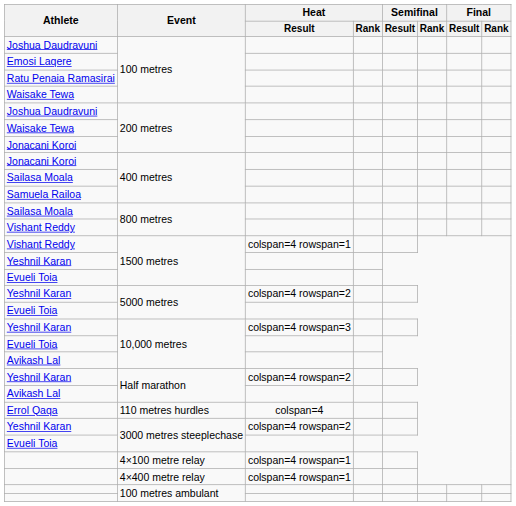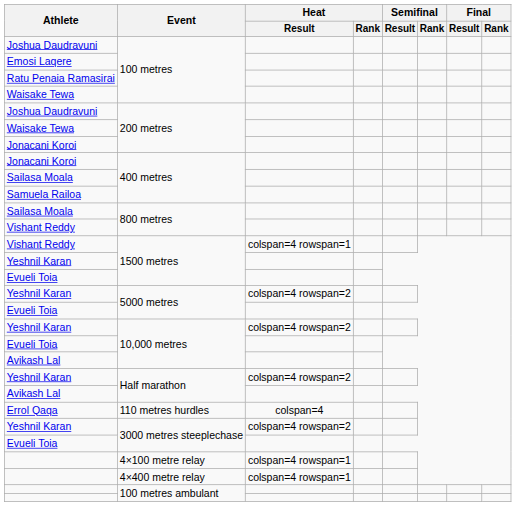 <table class="wikitable" style="font-size:90%">
 <tr>
 <th rowspan="2">Athlete</th>
 <th rowspan="2">Event</th>
 <th colspan="2">Heat</th>
 <th colspan="2">Semifinal</th>
 <th colspan="2">Final</th>
 </tr>
 <tr style="font-size:95%">
 <th>Result</th>
 <th>Rank</th>
 <th>Result</th>
 <th>Rank</th>
 <th>Result</th>
 <th>Rank</th>
 </tr>
 <tr style=text-align:center>
 <td style=text-align:left><a href='#'>Joshua Daudravuni</a></td>
 <td style=text-align:left rowspan=4>100 metres</td>
 <td></td>
 <td></td>
 <td></td>
 <td></td>
 <td></td>
 <td></td>
 </tr>
 <tr style=text-align:center>
 <td style=text-align:left><a href='#'>Emosi Laqere</a></td>
 <td></td>
 <td></td>
 <td></td>
 <td></td>
 <td></td>
 <td></td>
 </tr>
 <tr style=text-align:center>
 <td style=text-align:left><a href='#'>Ratu Penaia Ramasirai</a></td>
 <td></td>
 <td></td>
 <td></td>
 <td></td>
 <td></td>
 <td></td>
 </tr>
 <tr style=text-align:center>
 <td style=text-align:left><a href='#'>Waisake Tewa</a></td>
 <td></td>
 <td></td>
 <td></td>
 <td></td>
 <td></td>
 <td></td>
 </tr>
 <tr style=text-align:center>
 <td style=text-align:left><a href='#'>Joshua Daudravuni</a></td>
 <td style=text-align:left rowspan=3>200 metres</td>
 <td></td>
 <td></td>
 <td></td>
 <td></td>
 <td></td>
 <td></td>
 </tr>
 <tr style=text-align:center>
 <td style=text-align:left><a href='#'>Waisake Tewa</a></td>
 <td></td>
 <td></td>
 <td></td>
 <td></td>
 <td></td>
 <td></td>
 </tr>
 <tr style=text-align:center>
 <td style=text-align:left><a href='#'>Jonacani Koroi</a></td>
 <td></td>
 <td></td>
 <td></td>
 <td></td>
 <td></td>
 <td></td>
 </tr>
 <tr style=text-align:center>
 <td style=text-align:left><a href='#'>Jonacani Koroi</a></td>
 <td style=text-align:left rowspan=3>400 metres</td>
 <td></td>
 <td></td>
 <td></td>
 <td></td>
 <td></td>
 <td></td>
 </tr>
 <tr style=text-align:center>
 <td style=text-align:left><a href='#'>Sailasa Moala</a></td>
 <td></td>
 <td></td>
 <td></td>
 <td></td>
 <td></td>
 <td></td>
 </tr>
 <tr style=text-align:center>
 <td style=text-align:left><a href='#'>Samuela Railoa</a></td>
 <td></td>
 <td></td>
 <td></td>
 <td></td>
 <td></td>
 <td></td>
 </tr>
 <tr style=text-align:center>
 <td style=text-align:left><a href='#'>Sailasa Moala</a></td>
 <td style=text-align:left rowspan=2>800 metres</td>
 <td></td>
 <td></td>
 <td></td>
 <td></td>
 <td></td>
 <td></td>
 </tr>
 <tr style=text-align:center>
 <td style=text-align:left><a href='#'>Vishant Reddy</a></td>
 <td></td>
 <td></td>
 <td></td>
 <td></td>
 <td></td>
 <td></td>
 </tr>
 <tr style=text-align:center>
 <td style=text-align:left><a href='#'>Vishant Reddy</a></td>
 <td style=text-align:left rowspan=3>1500 metres</td>
 <td>colspan=4 rowspan=1 </td>
 <td></td>
 <td></td>
 </tr>
 <tr style=text-align:center>
 <td style=text-align:left><a href='#'>Yeshnil Karan</a></td>
 <td></td>
 <td></td>
 </tr>
 <tr style=text-align:center>
 <td style=text-align:left><a href='#'>Evueli Toia</a></td>
 <td></td>
 <td></td>
 </tr>
 <tr style=text-align:center>
 <td style=text-align:left><a href='#'>Yeshnil Karan</a></td>
 <td style=text-align:left rowspan=2>5000 metres</td>
 <td>colspan=4 rowspan=2 </td>
 <td></td>
 <td></td>
 </tr>
 <tr style=text-align:center>
 <td style=text-align:left><a href='#'>Evueli Toia</a></td>
 <td></td>
 <td></td>
 </tr>
 <tr style=text-align:center>
 <td style=text-align:left><a href='#'>Yeshnil Karan</a></td>
 <td style=text-align:left rowspan=3>10,000 metres</td>
-<td>colspan=4 rowspan=3 </td>
+<td>colspan=4 rowspan=2 </td>
 <td></td>
 <td></td>
 </tr>
 <tr style=text-align:center>
 <td style=text-align:left><a href='#'>Evueli Toia</a></td>
 <td></td>
 <td></td>
 </tr>
 <tr style=text-align:center>
 <td style=text-align:left><a href='#'>Avikash Lal</a></td>
 <td></td>
 <td></td>
 </tr>
 <tr style=text-align:center>
 <td style=text-align:left><a href='#'>Yeshnil Karan</a></td>
 <td style=text-align:left rowspan=2>Half marathon</td>
 <td>colspan=4 rowspan=2 </td>
 <td></td>
 <td></td>
 </tr>
 <tr style=text-align:center>
 <td style=text-align:left><a href='#'>Avikash Lal</a></td>
 <td></td>
 <td></td>
 </tr>
 <tr style=text-align:center>
 <td style=text-align:left><a href='#'>Errol Qaqa</a></td>
 <td style=text-align:left>110 metres hurdles</td>
 <td>colspan=4  </td>
 <td></td>
 <td></td>
 </tr>
 <tr style=text-align:center>
 <td style=text-align:left><a href='#'>Yeshnil Karan</a></td>
 <td style=text-align:left rowspan=2>3000 metres steeplechase</td>
 <td>colspan=4 rowspan=2 </td>
 <td></td>
 <td></td>
 </tr>
 <tr style=text-align:center>
 <td style=text-align:left><a href='#'>Evueli Toia</a></td>
 <td></td>
 <td></td>
 </tr>
 <tr style=text-align:center>
 <td style=text-align:left></td>
 <td style=text-align:left rowspan=1>4×100 metre relay</td>
 <td>colspan=4 rowspan=1 </td>
 <td></td>
 <td></td>
 </tr>
 <tr style=text-align:center>
 <td style=text-align:left></td>
 <td style=text-align:left rowspan=1>4×400 metre relay</td>
 <td>colspan=4 rowspan=1 </td>
 <td></td>
 <td></td>
 </tr>
 <tr style=text-align:center>
 <td style=text-align:left></td>
 <td style=text-align:left rowspan=2>100 metres ambulant</td>
 <td></td>
 <td></td>
 <td></td>
 <td></td>
 <td></td>
 <td></td>
 </tr>
 <tr style=text-align:center>
 <td style=text-align:left></td>
 <td></td>
 <td></td>
 <td></td>
 <td></td>
 <td></td>
 <td></td>
 </tr>
 </table>
